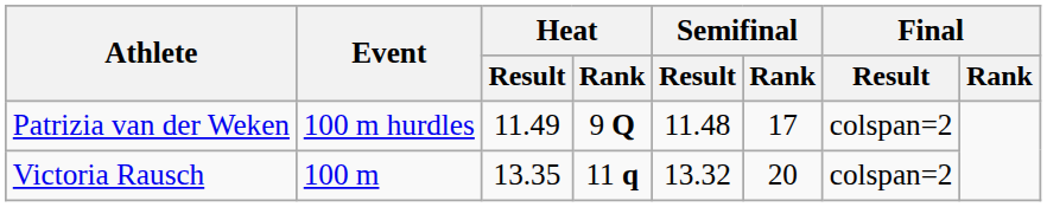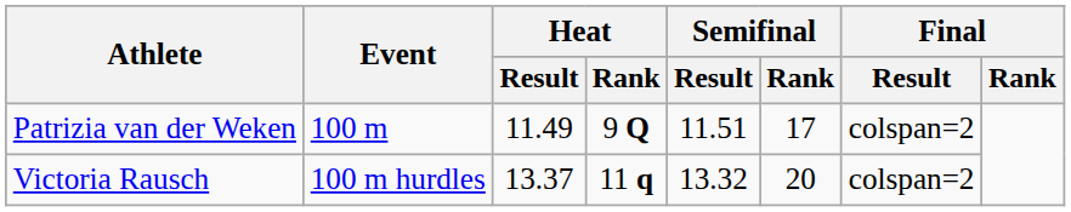 <table class="wikitable" style="font-size:90%">
 <tr>
 <th rowspan="2">Athlete</th>
 <th rowspan="2">Event</th>
 <th colspan="2">Heat</th>
 <th colspan="2">Semifinal</th>
 <th colspan="2">Final</th>
 </tr>
 <tr style="font-size:95%">
 <th>Result</th>
 <th>Rank</th>
 <th>Result</th>
 <th>Rank</th>
 <th>Result</th>
 <th>Rank</th>
 </tr>
 <tr align=center>
 <td align=left><a href='#'>Patrizia van der Weken</a></td>
-<td align=left><a href='#'>100 m hurdles</a></td>
+<td align=left><a href='#'>100 m</a></td>
 <td>11.49</td>
 <td>9 <strong>Q</strong></td>
-<td>11.48</td>
+<td>11.51</td>
 <td>17</td>
 <td>colspan=2 </td>
 </tr>
 <tr align=center>
 <td align=left><a href='#'>Victoria Rausch</a></td>
-<td align=left><a href='#'>100 m</a></td>
-<td>13.35</td>
+<td align=left><a href='#'>100 m hurdles</a></td>
+<td>13.37</td>
 <td>11 <strong>q</strong></td>
 <td>13.32</td>
 <td>20</td>
 <td>colspan=2 </td>
 </tr>
 </table>
